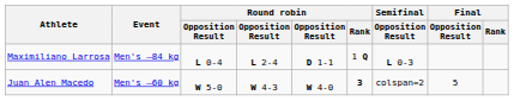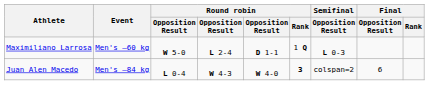 <table class=wikitable style=font-size:90%;text-align:center>
 <tr>
 <th rowspan=2>Athlete</th>
 <th rowspan=2>Event</th>
 <th colspan=4>Round robin</th>
 <th>Semifinal</th>
 <th colspan=2>Final</th>
 </tr>
 <tr style=font-size:95%>
 <th>Opposition<br>Result</th>
 <th>Opposition<br>Result</th>
 <th>Opposition<br>Result</th>
 <th>Rank</th>
 <th>Opposition<br>Result</th>
 <th>Opposition<br>Result</th>
 <th>Rank</th>
 </tr>
 <tr>
 <td align=left><a href='#'>Maximiliano Larrosa</a></td>
-<td align=left><a href='#'>Men's –84 kg</a></td>
-<td><br><strong>L</strong> 0-4</td>
+<td align=left><a href='#'>Men's –60 kg</a></td>
+<td><br><strong>W</strong> 5-0</td>
 <td><br><strong>L</strong> 2-4</td>
 <td><br><strong>D</strong> 1-1</td>
 <td>1 <strong>Q</strong></td>
 <td><br><strong>L</strong> 0-3</td>
 <td></td>
 <td></td>
 </tr>
 <tr>
 <td align=left><a href='#'>Juan Alen Macedo</a></td>
-<td align=left><a href='#'>Men's –60 kg</a></td>
-<td><br><strong>W</strong> 5-0</td>
+<td align=left><a href='#'>Men's –84 kg</a></td>
+<td><br><strong>L</strong> 0-4</td>
 <td><br><strong>W</strong> 4-3</td>
 <td><br><strong>W</strong> 4-0</td>
 <td><strong>3</strong></td>
 <td>colspan=2 </td>
-<td>5</td>
+<td>6</td>
 </tr>
 </table>
